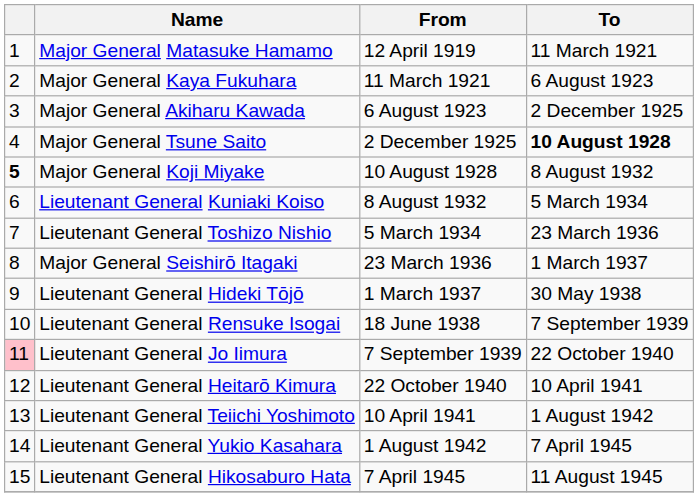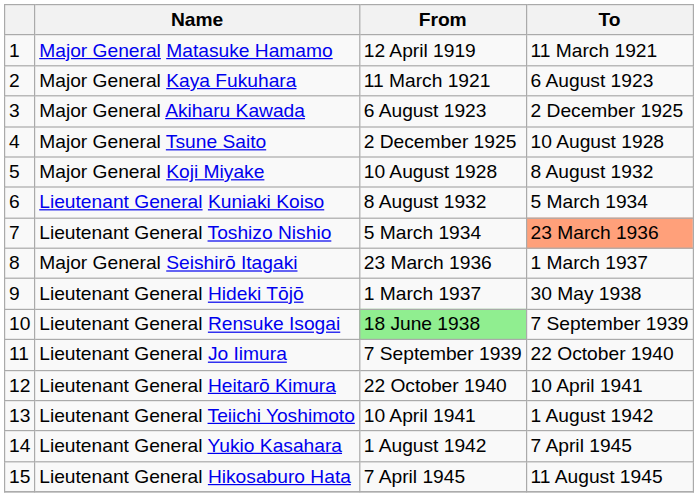 <table class=wikitable>
 <tr>
 <th></th>
 <th>Name</th>
 <th>From</th>
 <th>To</th>
 </tr>
 <tr>
 <td>1</td>
 <td><a href='#'>Major General</a> <a href='#'>Matasuke Hamamo</a></td>
 <td>12 April 1919</td>
 <td>11 March 1921</td>
 </tr>
 <tr>
 <td>2</td>
 <td>Major General <a href='#'>Kaya Fukuhara</a></td>
 <td>11 March 1921</td>
 <td>6 August 1923</td>
 </tr>
 <tr>
 <td>3</td>
 <td>Major General <a href='#'>Akiharu Kawada</a></td>
 <td>6 August 1923</td>
 <td>2 December 1925</td>
 </tr>
 <tr>
 <td>4</td>
 <td>Major General <a href='#'>Tsune Saito</a></td>
 <td>2 December 1925</td>
-<td><strong>10 August 1928</strong></td>
+<td>10 August 1928</td>
 </tr>
 <tr>
-<td><strong>5</strong></td>
+<td>5</td>
 <td>Major General <a href='#'>Koji Miyake</a></td>
 <td>10 August 1928</td>
 <td>8 August 1932</td>
 </tr>
 <tr>
 <td>6</td>
 <td><a href='#'>Lieutenant General</a> <a href='#'>Kuniaki Koiso</a></td>
 <td>8 August 1932</td>
 <td>5 March 1934</td>
 </tr>
 <tr>
 <td>7</td>
 <td>Lieutenant General <a href='#'>Toshizo Nishio</a></td>
 <td>5 March 1934</td>
-<td>23 March 1936</td>
+<td style="background: lightsalmon;">23 March 1936</td>
 </tr>
 <tr>
 <td>8</td>
 <td>Major General <a href='#'>Seishirō Itagaki</a></td>
 <td>23 March 1936</td>
 <td>1 March 1937</td>
 </tr>
 <tr>
 <td>9</td>
 <td>Lieutenant General <a href='#'>Hideki Tōjō</a></td>
 <td>1 March 1937</td>
 <td>30 May 1938</td>
 </tr>
 <tr>
 <td>10</td>
 <td>Lieutenant General <a href='#'>Rensuke Isogai</a></td>
-<td>18 June 1938</td>
+<td style="background: lightgreen;">18 June 1938</td>
 <td>7 September 1939</td>
 </tr>
 <tr>
-<td style="background: pink;">11</td>
+<td>11</td>
 <td>Lieutenant General <a href='#'>Jo Iimura</a></td>
 <td>7 September 1939</td>
 <td>22 October 1940</td>
 </tr>
 <tr>
 <td>12</td>
 <td>Lieutenant General <a href='#'>Heitarō Kimura</a></td>
 <td>22 October 1940</td>
 <td>10 April 1941</td>
 </tr>
 <tr>
 <td>13</td>
 <td>Lieutenant General <a href='#'>Teiichi Yoshimoto</a></td>
 <td>10 April 1941</td>
 <td>1 August 1942</td>
 </tr>
 <tr>
 <td>14</td>
 <td>Lieutenant General <a href='#'>Yukio Kasahara</a></td>
 <td>1 August 1942</td>
 <td>7 April 1945</td>
 </tr>
 <tr>
 <td>15</td>
 <td>Lieutenant General <a href='#'>Hikosaburo Hata</a></td>
 <td>7 April 1945</td>
 <td>11 August 1945</td>
 </tr>
 <tr>
 </tr>
 </table>
